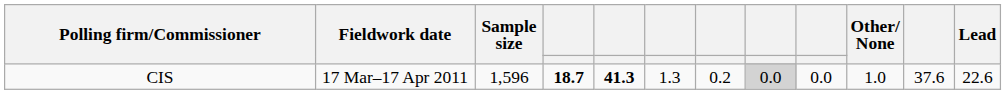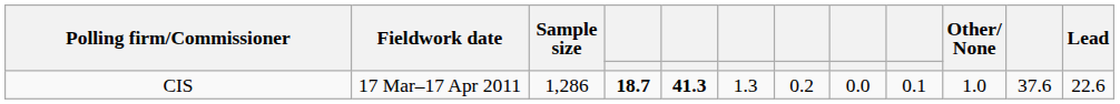 <table class="wikitable collapsible collapsed" style="text-align:center; font-size:90%; line-height:14px;">
 <tr style="height:42px;">
 <th style="width:250px;" rowspan="2">Polling firm/Commissioner</th>
 <th style="width:125px;" rowspan="2">Fieldwork date</th>
 <th style="width:50px;" rowspan="2">Sample size</th>
 <th style="width:35px;"></th>
 <th style="width:35px;"></th>
 <th style="width:35px;"></th>
 <th style="width:35px;"></th>
 <th style="width:35px;"></th>
 <th style="width:35px;"></th>
 <th style="width:35px;" rowspan="2">Other/<br>None</th>
 <th style="width:35px;" rowspan="2"></th>
 <th style="width:30px;" rowspan="2">Lead</th>
 </tr>
 <tr>
 <th style="color:inherit;background:"></th>
 <th style="color:inherit;background:"></th>
 <th style="color:inherit;background:"></th>
 <th style="color:inherit;background:"></th>
 <th style="color:inherit;background:"></th>
 <th style="color:inherit;background:"></th>
 </tr>
 <tr>
 <td>CIS</td>
 <td>17 Mar–17 Apr 2011</td>
-<td>1,596</td>
+<td>1,286</td>
 <td><strong>18.7</strong></td>
 <td><strong>41.3</strong></td>
 <td>1.3</td>
 <td>0.2</td>
-<td style="background: lightgrey;">0.0</td>
 <td>0.0</td>
+<td>0.1</td>
 <td>1.0</td>
 <td>37.6</td>
 <td style="background:">22.6</td>
 </tr>
 </table>
